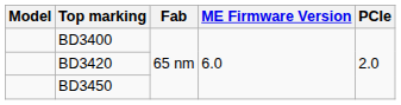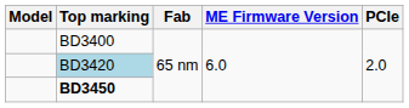 <table class="wikitable collapsible sortable">
 <tr>
 <th>Model</th>
 <th>Top marking</th>
 <th>Fab</th>
 <th><a href='#'>ME Firmware Version</a></th>
 <th>PCIe</th>
 </tr>
 <tr>
 <td></td>
 <td>BD3400</td>
 <td rowspan=3>65 nm</td>
 <td rowspan=3>6.0</td>
 <td rowspan=3>2.0</td>
 </tr>
 <tr>
 <td></td>
-<td>BD3420</td>
+<td style="background: lightblue;">BD3420</td>
 </tr>
 <tr>
 <td></td>
-<td>BD3450</td>
+<td><strong>BD3450</strong></td>
 </tr>
 </table>
